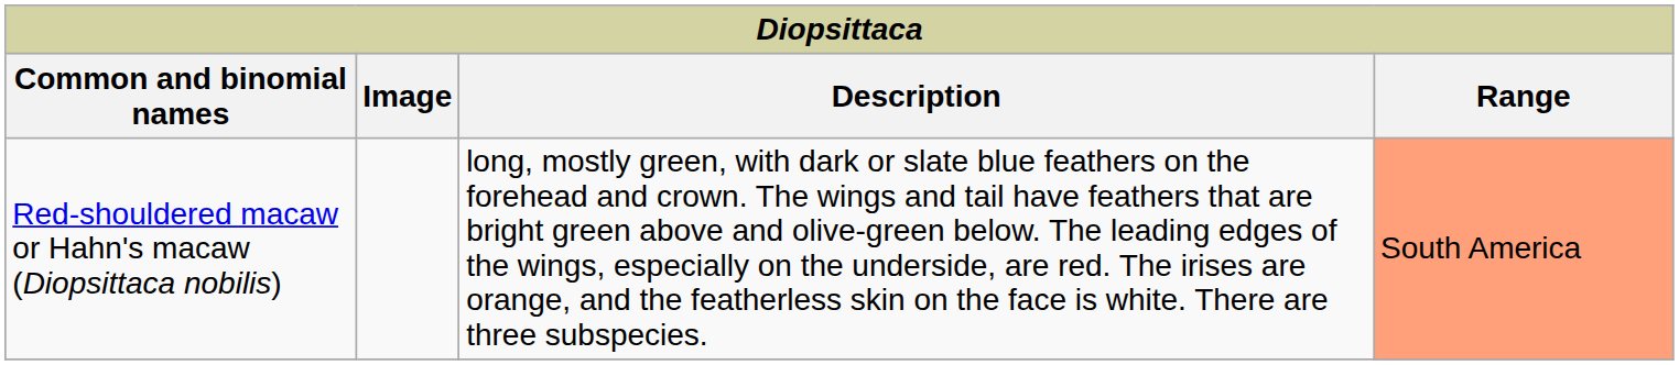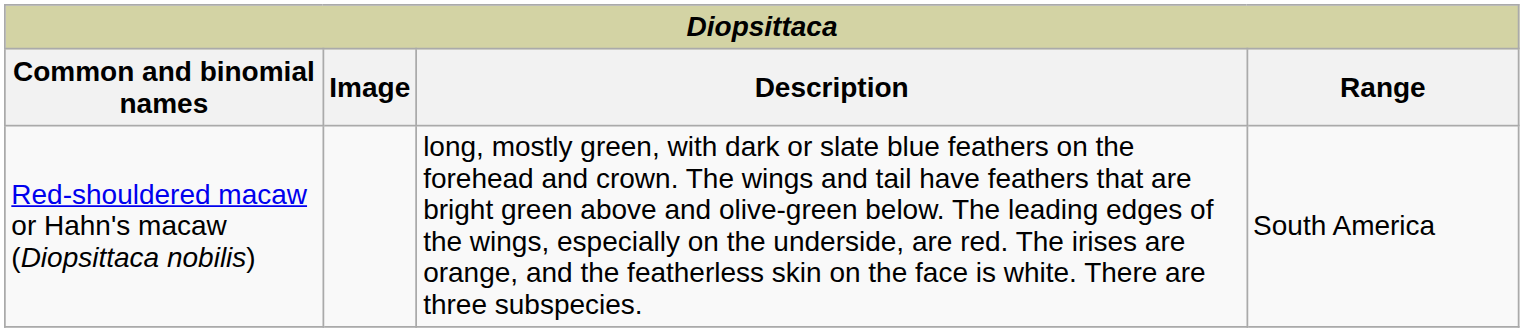 <table width = 98% class="wikitable">
 <tr>
 <th align="center" style="background-color: #D3D3A4" colspan ="4"><em>Diopsittaca</em></th>
 </tr>
 <tr>
 <th width = "21%">Common and binomial names</th>
 <th>Image</th>
 <th align="center">Description</th>
 <th width = "18%">Range</th>
 </tr>
 <tr>
 <td><a href='#'>Red-shouldered macaw</a><br>or Hahn's macaw<br>(<em>Diopsittaca nobilis</em>)</td>
 <td></td>
 <td> long, mostly green, with dark or slate blue feathers on the forehead and crown. The wings and tail have feathers that are bright green above and olive-green below. The leading edges of the wings, especially on the underside, are red. The irises are orange, and the featherless skin on the face is white. There are three subspecies.</td>
-<td style="background: lightsalmon;">South America</td>
+<td>South America</td>
 </tr>
 </table>
